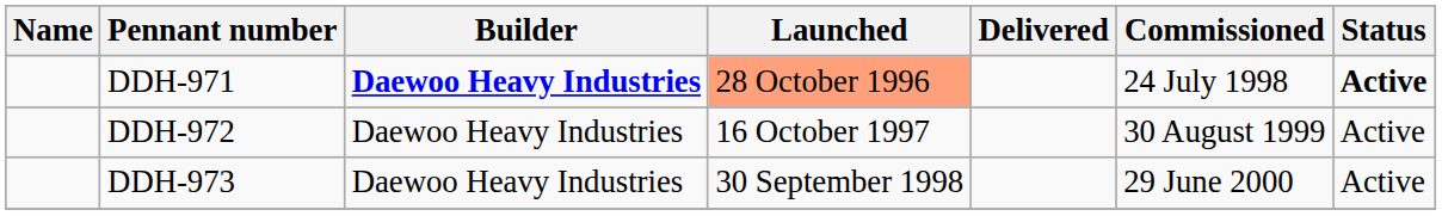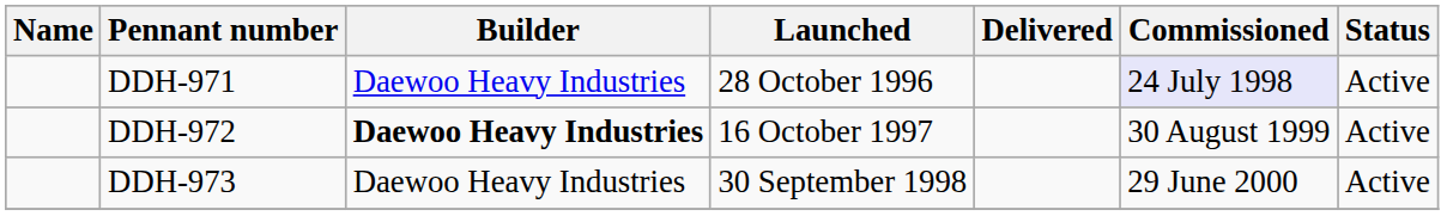 <table class=wikitable>
 <tr>
 <th>Name</th>
 <th>Pennant number</th>
 <th>Builder</th>
 <th>Launched</th>
 <th>Delivered</th>
 <th>Commissioned</th>
 <th>Status</th>
 </tr>
 <tr>
 <td></td>
 <td>DDH-971</td>
-<td><strong><a href='#'>Daewoo Heavy Industries</a></strong></td>
-<td style="background: lightsalmon;">28 October 1996</td>
+<td><a href='#'>Daewoo Heavy Industries</a></td>
+<td>28 October 1996</td>
 <td></td>
-<td>24 July 1998</td>
-<td><strong>Active</strong></td>
+<td style="background: lavender;">24 July 1998</td>
+<td>Active</td>
 </tr>
 <tr>
 <td></td>
 <td>DDH-972</td>
-<td>Daewoo Heavy Industries</td>
+<td><strong>Daewoo Heavy Industries</strong></td>
 <td>16 October 1997</td>
 <td></td>
 <td>30 August 1999</td>
 <td>Active</td>
 </tr>
 <tr>
 <td></td>
 <td>DDH-973</td>
 <td>Daewoo Heavy Industries</td>
 <td>30 September 1998</td>
 <td></td>
 <td>29 June 2000</td>
 <td>Active</td>
 </tr>
 <tr>
 </tr>
 </table>
